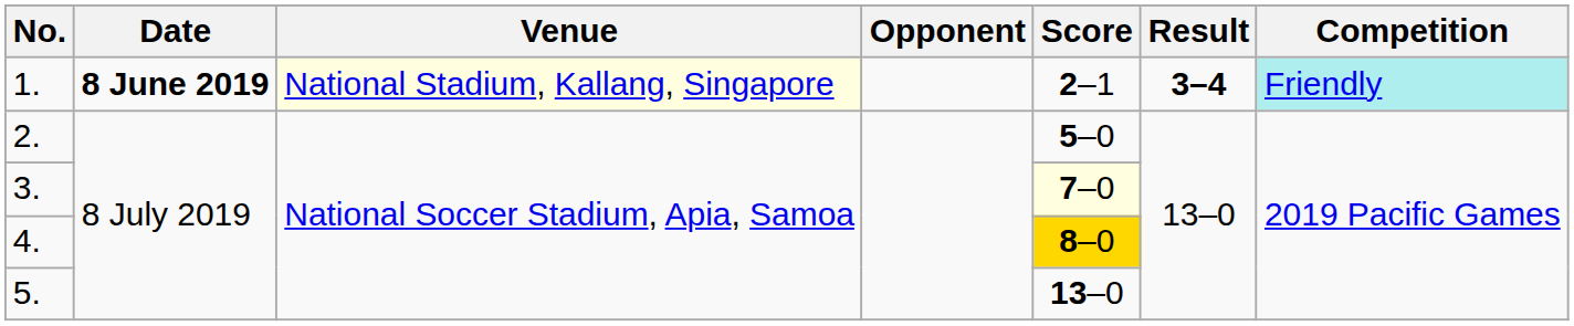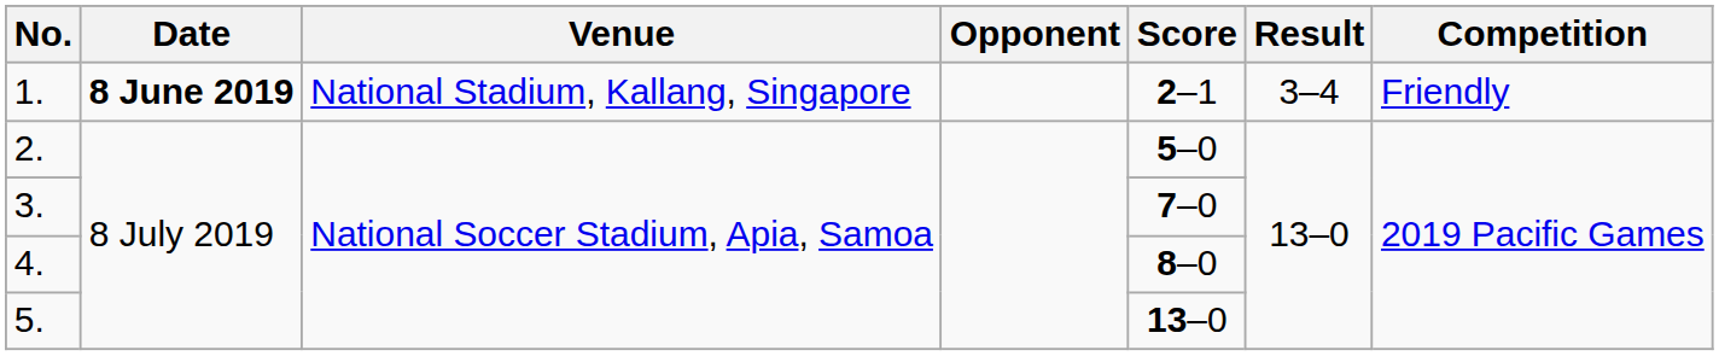 <table class="wikitable" style="font-size:100%;">
 <tr>
 <th>No.</th>
 <th>Date</th>
 <th>Venue</th>
 <th>Opponent</th>
 <th>Score</th>
 <th>Result</th>
 <th>Competition</th>
 </tr>
 <tr>
 <td>1.</td>
 <td><strong>8 June 2019</strong></td>
-<td style="background: lightyellow;"><a href='#'>National Stadium</a>, <a href='#'>Kallang</a>, <a href='#'>Singapore</a></td>
+<td><a href='#'>National Stadium</a>, <a href='#'>Kallang</a>, <a href='#'>Singapore</a></td>
 <td></td>
 <td align=center><strong>2</strong>–1</td>
-<td align=center><strong>3–4</strong></td>
-<td style="background: paleturquoise;"><a href='#'>Friendly</a></td>
+<td align=center>3–4</td>
+<td><a href='#'>Friendly</a></td>
 </tr>
 <tr>
 <td>2.</td>
 <td rowspan="4">8 July 2019</td>
 <td rowspan="4"><a href='#'>National Soccer Stadium</a>, <a href='#'>Apia</a>, <a href='#'>Samoa</a></td>
 <td rowspan="4"></td>
 <td align=center><strong>5</strong>–0</td>
 <td rowspan="4" style="text-align:center">13–0</td>
 <td rowspan="4"><a href='#'>2019 Pacific Games</a></td>
 </tr>
 <tr>
 <td>3.</td>
-<td align=center style="background: lightyellow;"><strong>7</strong>–0</td>
+<td align=center><strong>7</strong>–0</td>
 </tr>
 <tr>
 <td>4.</td>
-<td align=center style="background: gold;"><strong>8</strong>–0</td>
+<td align=center><strong>8</strong>–0</td>
 </tr>
 <tr>
 <td>5.</td>
 <td align=center><strong>13</strong>–0</td>
 </tr>
 </table>
